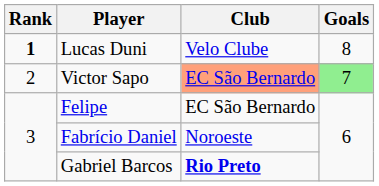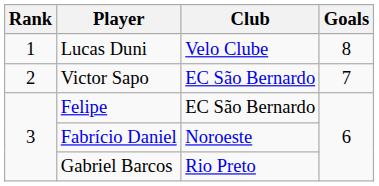 <table class="wikitable" style="text-align:left">
 <tr>
 <th>Rank</th>
 <th>Player</th>
 <th>Club</th>
 <th>Goals</th>
 </tr>
 <tr>
-<td align="center"><strong>1</strong></td>
+<td align="center">1</td>
 <td> Lucas Duni</td>
 <td><a href='#'>Velo Clube</a></td>
 <td align="center">8</td>
 </tr>
 <tr>
 <td align="center">2</td>
 <td> Victor Sapo</td>
-<td style="background: lightsalmon;"><a href='#'>EC São Bernardo</a></td>
-<td align="center" style="background: lightgreen;">7</td>
+<td><a href='#'>EC São Bernardo</a></td>
+<td align="center">7</td>
 </tr>
 <tr>
 <td rowspan="3" align="center">3</td>
 <td> <a href='#'>Felipe</a></td>
 <td>EC São Bernardo</td>
 <td rowspan="3" align="center">6</td>
 </tr>
 <tr>
 <td> <a href='#'>Fabrício Daniel</a></td>
 <td><a href='#'>Noroeste</a></td>
 </tr>
 <tr>
 <td> Gabriel Barcos</td>
-<td><strong><a href='#'>Rio Preto</a></strong></td>
+<td><a href='#'>Rio Preto</a></td>
 </tr>
 </table>
